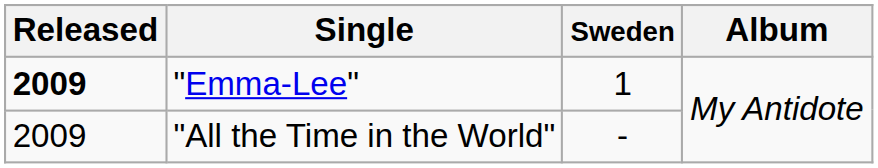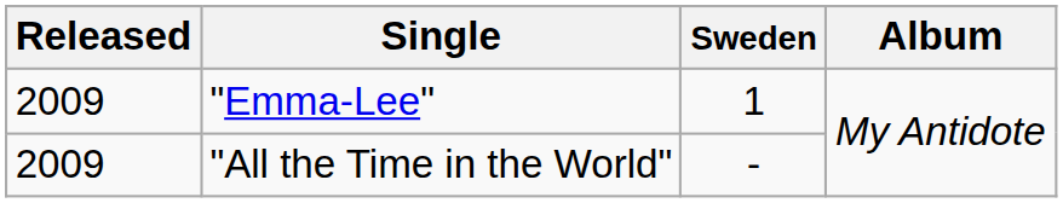 <table class="wikitable">
 <tr>
 <th>Released</th>
 <th>Single</th>
 <th><small>Sweden</small></th>
 <th>Album</th>
 </tr>
 <tr>
-<td><strong>2009</strong></td>
+<td>2009</td>
 <td>"<a href='#'>Emma-Lee</a>"</td>
 <td style="text-align:center; vertical-align:top;">1</td>
 <td rowspan=2><em>My Antidote</em></td>
 </tr>
 <tr>
 <td>2009</td>
 <td>"All the Time in the World"</td>
 <td style="text-align:center;">-</td>
 </tr>
 </table>
